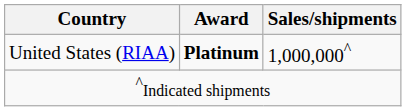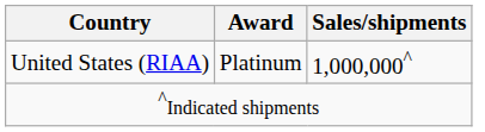 <table class="wikitable sortable" border="1">
 <tr>
 <th>Country</th>
 <th>Award</th>
 <th>Sales/shipments</th>
 </tr>
 <tr>
 <td>United States (<a href='#'>RIAA</a>)</td>
-<td><strong>Platinum</strong></td>
+<td>Platinum</td>
 <td>1,000,000<sup>^</sup></td>
 </tr>
 <tr>
 <td colspan="3" align="center"><sup>^</sup><small>Indicated shipments</small></td>
 </tr>
 </table>
